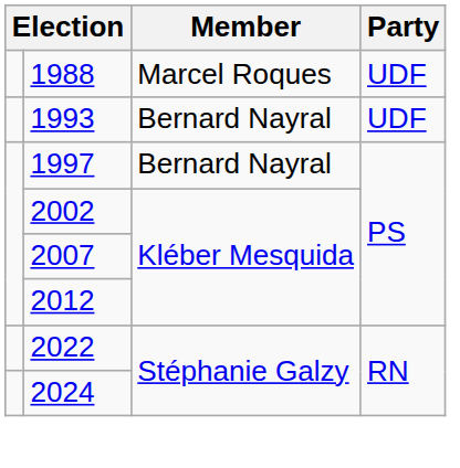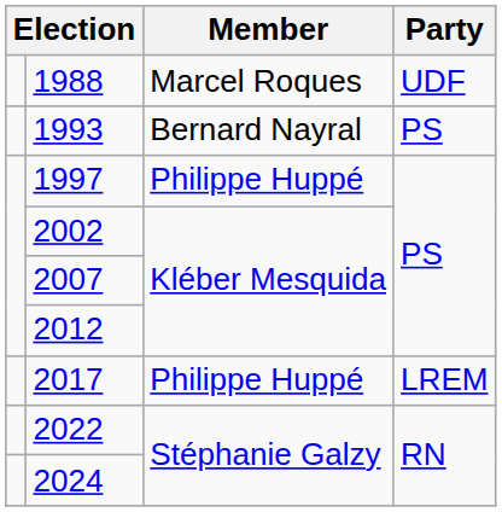 <table class="wikitable">
 <tr>
 <th colspan="2">Election</th>
 <th>Member</th>
 <th>Party</th>
 </tr>
 <tr>
 <td style="color:inherit;background-color: "></td>
 <td><a href='#'>1988</a></td>
 <td>Marcel Roques</td>
 <td><a href='#'>UDF</a></td>
 </tr>
 <tr>
 <td style="color:inherit;background-color: "></td>
 <td><a href='#'>1993</a></td>
 <td>Bernard Nayral</td>
-<td><a href='#'>UDF</a></td>
+<td><a href='#'>PS</a></td>
 </tr>
 <tr>
 <td rowspan="4" style="color:inherit;background-color: "></td>
 <td><a href='#'>1997</a></td>
-<td>Bernard Nayral</td>
+<td><a href='#'>Philippe Huppé</a></td>
 <td rowspan="4"><a href='#'>PS</a></td>
 </tr>
 <tr>
 <td><a href='#'>2002</a></td>
 <td rowspan="3"><a href='#'>Kléber Mesquida</a></td>
 </tr>
 <tr>
 <td><a href='#'>2007</a></td>
 </tr>
 <tr>
 <td><a href='#'>2012</a></td>
 </tr>
 <tr>
 <td style="color:inherit;background-color: "></td>
+<td><a href='#'>2017</a></td>
+<td><a href='#'>Philippe Huppé</a></td>
+<td><a href='#'>LREM</a></td>
+</tr>
+<tr>
+<td style="color:inherit;background-color: "></td>
 <td><a href='#'>2022</a></td>
 <td rowspan="2"><a href='#'>Stéphanie Galzy</a></td>
 <td rowspan="2"><a href='#'>RN</a></td>
 </tr>
 <tr>
 <td style="color:inherit;background-color: "></td>
 <td><a href='#'>2024</a></td>
 </tr>
 </table>
